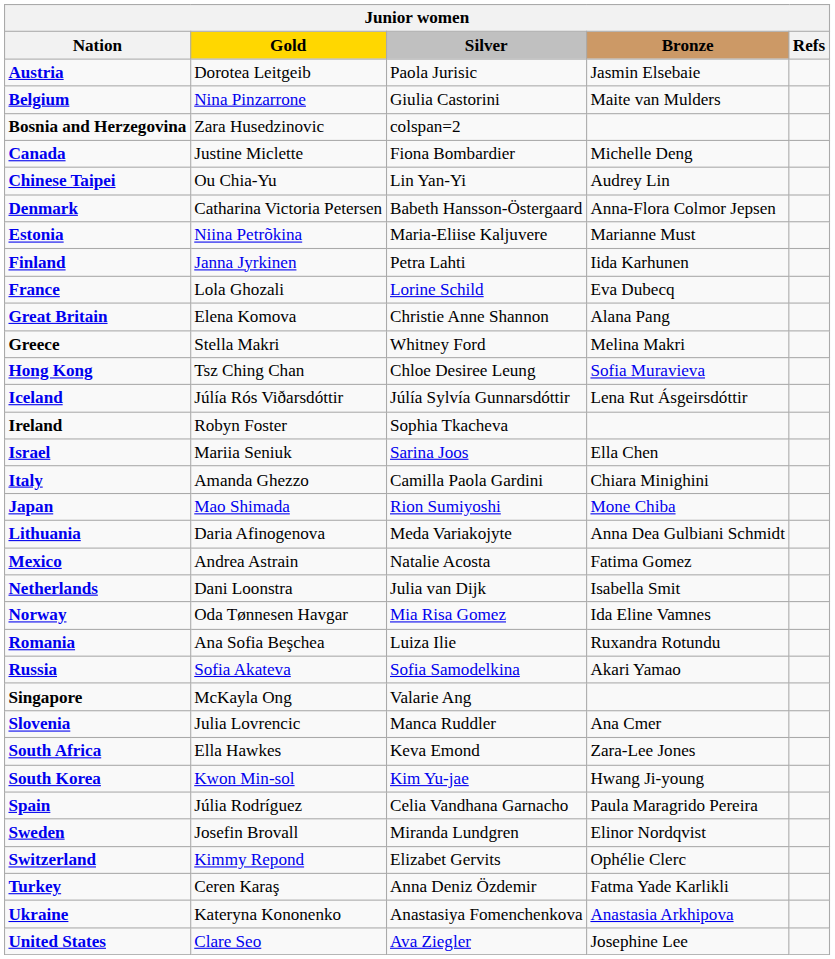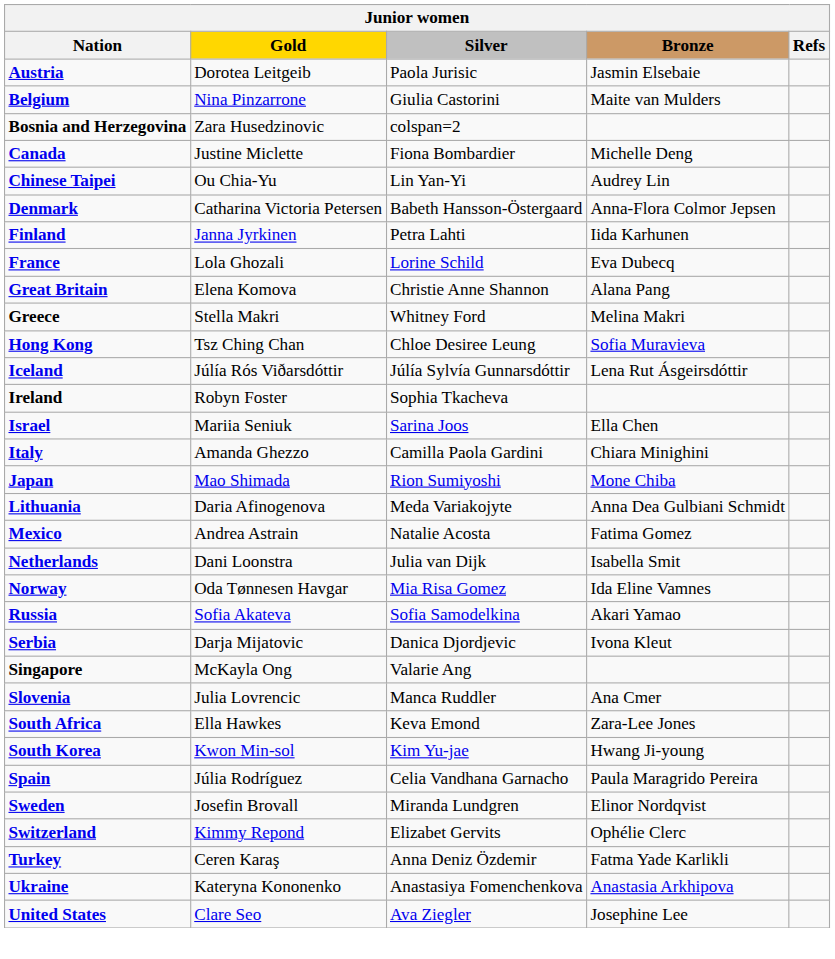 <table class="wikitable">
 <tr>
 <th colspan=5>Junior women</th>
 </tr>
 <tr>
 <th>Nation</th>
 <td style="text-align:center; background:gold;"><strong>Gold</strong></td>
 <td style="text-align:center; background:silver;"><strong>Silver</strong></td>
 <td style="text-align:center; background:#c96;"><strong>Bronze</strong></td>
 <th>Refs</th>
 </tr>
 <tr>
 <td><strong> <a href='#'>Austria</a></strong></td>
 <td>Dorotea Leitgeib</td>
 <td>Paola Jurisic</td>
 <td>Jasmin Elsebaie</td>
 <td></td>
 </tr>
 <tr>
 <td><strong> <a href='#'>Belgium</a></strong></td>
 <td><a href='#'>Nina Pinzarrone</a></td>
 <td>Giulia Castorini</td>
 <td>Maite van Mulders</td>
 <td></td>
 </tr>
 <tr>
 <td><strong> Bosnia and Herzegovina</strong></td>
 <td>Zara Husedzinovic</td>
 <td>colspan=2 </td>
 <td></td>
 </tr>
 <tr>
 <td><strong> <a href='#'>Canada</a></strong></td>
 <td>Justine Miclette</td>
 <td>Fiona Bombardier</td>
 <td>Michelle Deng</td>
 <td></td>
 </tr>
 <tr>
 <td><strong> <a href='#'>Chinese Taipei</a></strong></td>
 <td>Ou Chia-Yu</td>
 <td>Lin Yan-Yi</td>
 <td>Audrey Lin</td>
 <td></td>
 </tr>
 <tr>
 <td><strong> <a href='#'>Denmark</a></strong></td>
 <td>Catharina Victoria Petersen</td>
 <td>Babeth Hansson-Östergaard</td>
 <td>Anna-Flora Colmor Jepsen</td>
-<td></td>
-</tr>
-<tr>
-<td><strong> <a href='#'>Estonia</a></strong></td>
-<td><a href='#'>Niina Petrõkina</a></td>
-<td>Maria-Eliise Kaljuvere</td>
-<td>Marianne Must</td>
 <td></td>
 </tr>
 <tr>
 <td><strong> <a href='#'>Finland</a></strong></td>
 <td><a href='#'>Janna Jyrkinen</a></td>
 <td>Petra Lahti</td>
 <td>Iida Karhunen</td>
 <td></td>
 </tr>
 <tr>
 <td><strong> <a href='#'>France</a></strong></td>
 <td>Lola Ghozali</td>
 <td><a href='#'>Lorine Schild</a></td>
 <td>Eva Dubecq</td>
 <td></td>
 </tr>
 <tr>
 <td><strong> <a href='#'>Great Britain</a></strong></td>
 <td>Elena Komova</td>
 <td>Christie Anne Shannon</td>
 <td>Alana Pang</td>
 <td></td>
 </tr>
 <tr>
 <td><strong> Greece</strong></td>
 <td>Stella Makri</td>
 <td>Whitney Ford</td>
 <td>Melina Makri</td>
 <td></td>
 </tr>
 <tr>
 <td><strong> <a href='#'>Hong Kong</a></strong></td>
 <td>Tsz Ching Chan</td>
 <td>Chloe Desiree Leung</td>
 <td><a href='#'>Sofia Muravieva</a></td>
 <td></td>
 </tr>
 <tr>
 <td><strong> <a href='#'>Iceland</a></strong></td>
 <td>Júlía Rós Viðarsdóttir</td>
 <td>Júlía Sylvía Gunnarsdóttir</td>
 <td>Lena Rut Ásgeirsdóttir</td>
 <td></td>
 </tr>
 <tr>
 <td><strong> Ireland</strong></td>
 <td>Robyn Foster</td>
 <td>Sophia Tkacheva</td>
 <td></td>
 <td></td>
 </tr>
 <tr>
 <td><strong> <a href='#'>Israel</a></strong></td>
 <td>Mariia Seniuk</td>
 <td><a href='#'>Sarina Joos</a></td>
 <td>Ella Chen</td>
 <td></td>
 </tr>
 <tr>
 <td><strong> <a href='#'>Italy</a></strong></td>
 <td>Amanda Ghezzo</td>
 <td>Camilla Paola Gardini</td>
 <td>Chiara Minighini</td>
 <td></td>
 </tr>
 <tr>
 <td><strong> <a href='#'>Japan</a></strong></td>
 <td><a href='#'>Mao Shimada</a></td>
 <td><a href='#'>Rion Sumiyoshi</a></td>
 <td><a href='#'>Mone Chiba</a></td>
 <td></td>
 </tr>
 <tr>
 <td><strong> <a href='#'>Lithuania</a></strong></td>
 <td>Daria Afinogenova</td>
 <td>Meda Variakojyte</td>
 <td>Anna Dea Gulbiani Schmidt</td>
 <td></td>
 </tr>
 <tr>
 <td><strong> <a href='#'>Mexico</a></strong></td>
 <td>Andrea Astrain</td>
 <td>Natalie Acosta</td>
 <td>Fatima Gomez</td>
 <td></td>
 </tr>
 <tr>
 <td><strong> <a href='#'>Netherlands</a></strong></td>
 <td>Dani Loonstra</td>
 <td>Julia van Dijk</td>
 <td>Isabella Smit</td>
 <td></td>
 </tr>
 <tr>
 <td><strong> <a href='#'>Norway</a></strong></td>
 <td>Oda Tønnesen Havgar</td>
 <td><a href='#'>Mia Risa Gomez</a></td>
 <td>Ida Eline Vamnes</td>
 <td></td>
 </tr>
 <tr>
-<td><strong> <a href='#'>Romania</a></strong></td>
-<td>Ana Sofia Beşchea</td>
-<td>Luiza Ilie</td>
-<td>Ruxandra Rotundu</td>
-<td></td>
-</tr>
-<tr>
 <td><strong> <a href='#'>Russia</a></strong></td>
 <td><a href='#'>Sofia Akateva</a></td>
 <td><a href='#'>Sofia Samodelkina</a></td>
 <td>Akari Yamao</td>
+<td></td>
+</tr>
+<tr>
+<td><strong> <a href='#'>Serbia</a></strong></td>
+<td>Darja Mijatovic</td>
+<td>Danica Djordjevic</td>
+<td>Ivona Kleut</td>
 <td></td>
 </tr>
 <tr>
 <td><strong> Singapore</strong></td>
 <td>McKayla Ong</td>
 <td>Valarie Ang</td>
 <td></td>
 <td></td>
 </tr>
 <tr>
 <td><strong> <a href='#'>Slovenia</a></strong></td>
 <td>Julia Lovrencic</td>
 <td>Manca Ruddler</td>
 <td>Ana Cmer</td>
 <td></td>
 </tr>
 <tr>
 <td><strong> <a href='#'>South Africa</a></strong></td>
 <td>Ella Hawkes</td>
 <td>Keva Emond</td>
 <td>Zara-Lee Jones</td>
 <td></td>
 </tr>
 <tr>
 <td><strong> <a href='#'>South Korea</a></strong></td>
 <td><a href='#'>Kwon Min-sol</a></td>
 <td><a href='#'>Kim Yu-jae</a></td>
 <td>Hwang Ji-young</td>
 <td></td>
 </tr>
 <tr>
 <td><strong> <a href='#'>Spain</a></strong></td>
 <td>Júlia Rodríguez</td>
 <td>Celia Vandhana Garnacho</td>
 <td>Paula Maragrido Pereira</td>
 <td></td>
 </tr>
 <tr>
 <td><strong> <a href='#'>Sweden</a></strong></td>
 <td>Josefin Brovall</td>
 <td>Miranda Lundgren</td>
 <td>Elinor Nordqvist</td>
 <td></td>
 </tr>
 <tr>
 <td><strong> <a href='#'>Switzerland</a></strong></td>
 <td><a href='#'>Kimmy Repond</a></td>
 <td>Elizabet Gervits</td>
 <td>Ophélie Clerc</td>
 <td></td>
 </tr>
 <tr>
 <td><strong> <a href='#'>Turkey</a></strong></td>
 <td>Ceren Karaş</td>
 <td>Anna Deniz Özdemir</td>
 <td>Fatma Yade Karlikli</td>
 <td></td>
 </tr>
 <tr>
 <td><strong> <a href='#'>Ukraine</a></strong></td>
 <td>Kateryna Kononenko</td>
 <td>Anastasiya Fomenchenkova</td>
 <td><a href='#'>Anastasia Arkhipova</a></td>
 <td></td>
 </tr>
 <tr>
 <td><strong> <a href='#'>United States</a></strong></td>
 <td><a href='#'>Clare Seo</a></td>
 <td><a href='#'>Ava Ziegler</a></td>
 <td>Josephine Lee</td>
 <td></td>
 </tr>
 </table>
